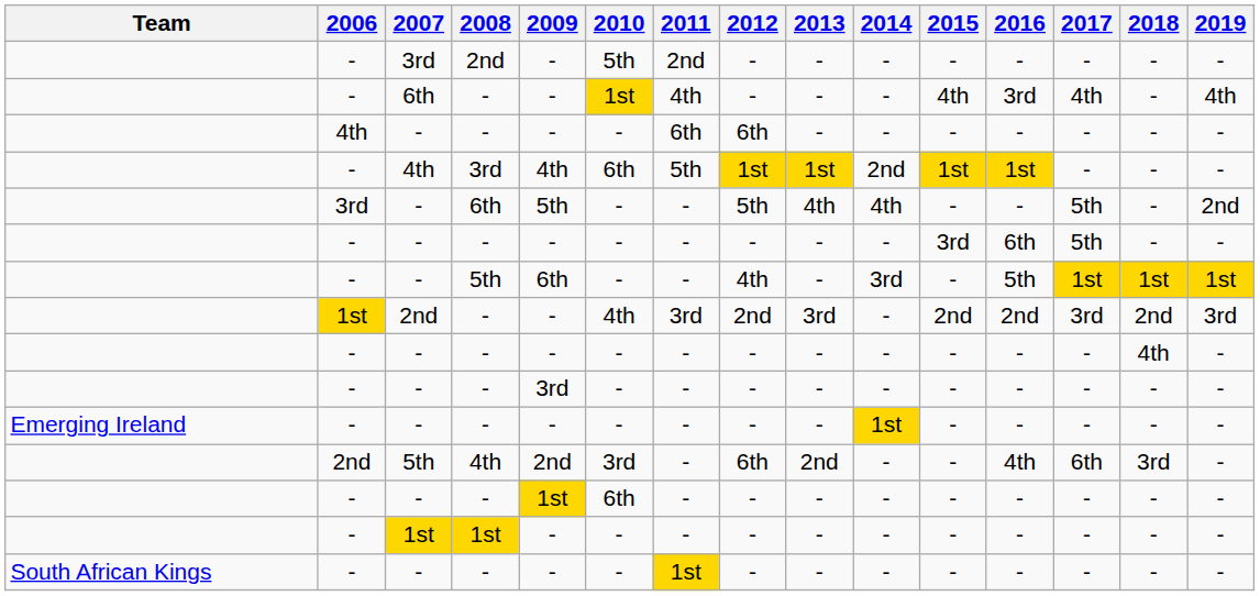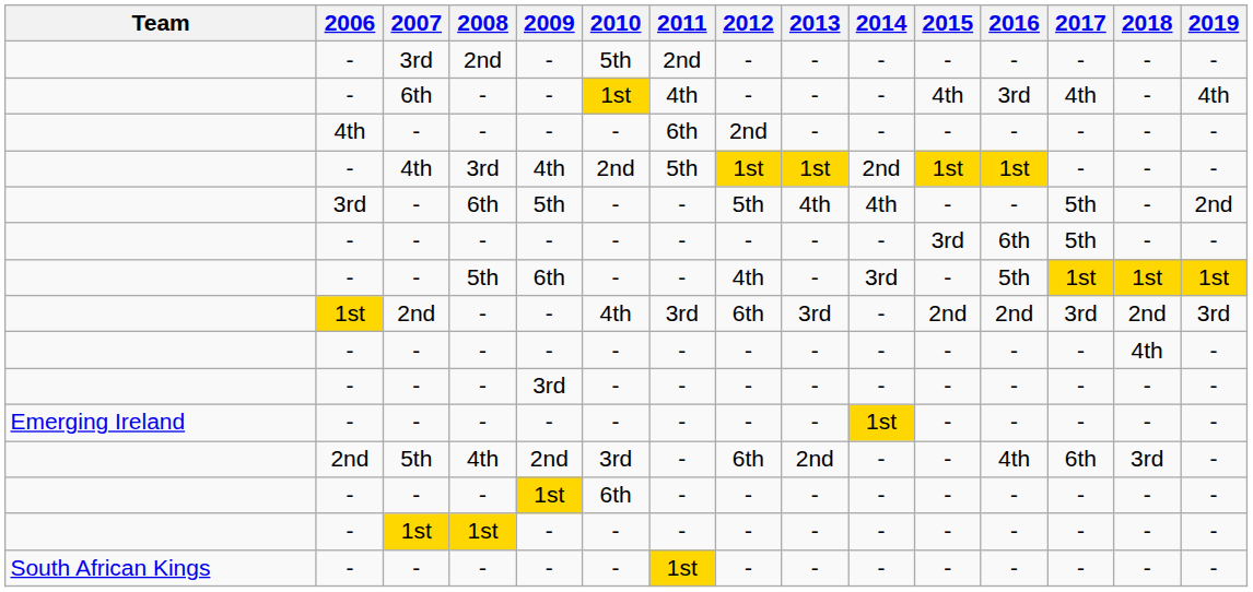 <table class="wikitable">
 <tr>
 <th bgcolor="#efefef" width="250">Team</th>
 <th bgcolor="#efefef" width="40"><a href='#'>2006</a></th>
 <th bgcolor="#efefef" width="40"><a href='#'>2007</a></th>
 <th bgcolor="#efefef" width="40"><a href='#'>2008</a></th>
 <th bgcolor="#efefef" width="40"><a href='#'>2009</a></th>
 <th bgcolor="#efefef" width="40"><a href='#'>2010</a></th>
 <th bgcolor="#efefef" width="40"><a href='#'>2011</a></th>
 <th bgcolor="#efefef" width="40"><a href='#'>2012</a></th>
 <th bgcolor="#efefef" width="40"><a href='#'>2013</a></th>
 <th bgcolor="#efefef" width="40"><a href='#'>2014</a></th>
 <th bgcolor="#efefef" width="40"><a href='#'>2015</a></th>
 <th bgcolor="#efefef" width="40"><a href='#'>2016</a></th>
 <th bgcolor="#efefef" width="40"><a href='#'>2017</a></th>
 <th bgcolor="#efefef" width="40"><a href='#'>2018</a></th>
 <th bgcolor="#efefef" width="40"><a href='#'>2019</a></th>
 </tr>
 <tr align=center>
 <td align=left></td>
 <td>-</td>
 <td>3rd</td>
 <td>2nd</td>
 <td>-</td>
 <td>5th</td>
 <td>2nd</td>
 <td>-</td>
 <td>-</td>
 <td>-</td>
 <td>-</td>
 <td>-</td>
 <td>-</td>
 <td>-</td>
 <td>-</td>
 </tr>
 <tr align=center>
 <td align=left></td>
 <td>-</td>
 <td>6th</td>
 <td>-</td>
 <td>-</td>
 <td bgcolor=#FFD700>1st</td>
 <td>4th</td>
 <td>-</td>
 <td>-</td>
 <td>-</td>
 <td>4th</td>
 <td>3rd</td>
 <td>4th</td>
 <td>-</td>
 <td>4th</td>
 </tr>
 <tr align=center>
 <td align=left></td>
 <td>4th</td>
 <td>-</td>
 <td>-</td>
 <td>-</td>
 <td>-</td>
 <td>6th</td>
-<td>6th</td>
+<td>2nd</td>
 <td>-</td>
 <td>-</td>
 <td>-</td>
 <td>-</td>
 <td>-</td>
 <td>-</td>
 <td>-</td>
 </tr>
 <tr align=center>
 <td align=left></td>
 <td>-</td>
 <td>4th</td>
 <td>3rd</td>
 <td>4th</td>
-<td>6th</td>
+<td>2nd</td>
 <td>5th</td>
 <td bgcolor=#FFD700>1st</td>
 <td bgcolor=#FFD700>1st</td>
 <td>2nd</td>
 <td bgcolor=#FFD700>1st</td>
 <td bgcolor=#FFD700>1st</td>
 <td>-</td>
 <td>-</td>
 <td>-</td>
 </tr>
 <tr align=center>
 <td align=left></td>
 <td>3rd</td>
 <td>-</td>
 <td>6th</td>
 <td>5th</td>
 <td>-</td>
 <td>-</td>
 <td>5th</td>
 <td>4th</td>
 <td>4th</td>
 <td>-</td>
 <td>-</td>
 <td>5th</td>
 <td>-</td>
 <td>2nd</td>
 </tr>
 <tr align=center>
 <td align=left></td>
 <td>-</td>
 <td>-</td>
 <td>-</td>
 <td>-</td>
 <td>-</td>
 <td>-</td>
 <td>-</td>
 <td>-</td>
 <td>-</td>
 <td>3rd</td>
 <td>6th</td>
 <td>5th</td>
 <td>-</td>
 <td>-</td>
 </tr>
 <tr align=center>
 <td align=left></td>
 <td>-</td>
 <td>-</td>
 <td>5th</td>
 <td>6th</td>
 <td>-</td>
 <td>-</td>
 <td>4th</td>
 <td>-</td>
 <td>3rd</td>
 <td>-</td>
 <td>5th</td>
 <td bgcolor=#FFD700>1st</td>
 <td bgcolor=#FFD700>1st</td>
 <td bgcolor=#FFD700>1st</td>
 </tr>
 <tr align=center>
 <td align=left></td>
 <td bgcolor=#FFD700>1st</td>
 <td>2nd</td>
 <td>-</td>
 <td>-</td>
 <td>4th</td>
 <td>3rd</td>
-<td>2nd</td>
+<td>6th</td>
 <td>3rd</td>
 <td>-</td>
 <td>2nd</td>
 <td>2nd</td>
 <td>3rd</td>
 <td>2nd</td>
 <td>3rd</td>
 </tr>
 <tr align=center>
 <td align=left></td>
 <td>-</td>
 <td>-</td>
 <td>-</td>
 <td>-</td>
 <td>-</td>
 <td>-</td>
 <td>-</td>
 <td>-</td>
 <td>-</td>
 <td>-</td>
 <td>-</td>
 <td>-</td>
 <td>4th</td>
 <td>-</td>
 </tr>
 <tr align=center>
 <td align=left></td>
 <td>-</td>
 <td>-</td>
 <td>-</td>
 <td>3rd</td>
 <td>-</td>
 <td>-</td>
 <td>-</td>
 <td>-</td>
 <td>-</td>
 <td>-</td>
 <td>-</td>
 <td>-</td>
 <td>-</td>
 <td>-</td>
 </tr>
 <tr align=center>
 <td align=left> <a href='#'>Emerging Ireland</a></td>
 <td>-</td>
 <td>-</td>
 <td>-</td>
 <td>-</td>
 <td>-</td>
 <td>-</td>
 <td>-</td>
 <td>-</td>
 <td bgcolor=#FFD700>1st</td>
 <td>-</td>
 <td>-</td>
 <td>-</td>
 <td>-</td>
 <td>-</td>
 </tr>
 <tr align=center>
 <td align=left></td>
 <td>2nd</td>
 <td>5th</td>
 <td>4th</td>
 <td>2nd</td>
 <td>3rd</td>
 <td>-</td>
 <td>6th</td>
 <td>2nd</td>
 <td>-</td>
 <td>-</td>
 <td>4th</td>
 <td>6th</td>
 <td>3rd</td>
 <td>-</td>
 </tr>
 <tr align=center>
 <td align=left></td>
 <td>-</td>
 <td>-</td>
 <td>-</td>
 <td bgcolor=#FFD700>1st</td>
 <td>6th</td>
 <td>-</td>
 <td>-</td>
 <td>-</td>
 <td>-</td>
 <td>-</td>
 <td>-</td>
 <td>-</td>
 <td>-</td>
 <td>-</td>
 </tr>
 <tr align=center>
 <td align=left></td>
 <td>-</td>
 <td bgcolor=#FFD700>1st</td>
 <td bgcolor=#FFD700>1st</td>
 <td>-</td>
 <td>-</td>
 <td>-</td>
 <td>-</td>
 <td>-</td>
 <td>-</td>
 <td>-</td>
 <td>-</td>
 <td>-</td>
 <td>-</td>
 <td>-</td>
 </tr>
 <tr align=center>
 <td align=left> <a href='#'>South African Kings</a></td>
 <td>-</td>
 <td>-</td>
 <td>-</td>
 <td>-</td>
 <td>-</td>
 <td bgcolor=#FFD700>1st</td>
 <td>-</td>
 <td>-</td>
 <td>-</td>
 <td>-</td>
 <td>-</td>
 <td>-</td>
 <td>-</td>
 <td>-</td>
 </tr>
 </table>
